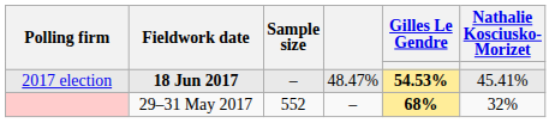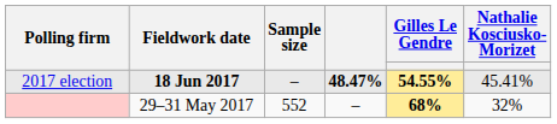 <table class="wikitable sortable" style="text-align:center;font-size:90%;line-height:14px;">
 <tr style="height:40px;">
 <th style="width:100px;" rowspan="2">Polling firm</th>
 <th style="width:110px;" rowspan="2">Fieldwork date</th>
 <th style="width:35px;" rowspan="2">Sample<br>size</th>
 <th style="width:30px;" rowspan="2"></th>
 <th class="unsortable" style="width:60px;"><a href='#'>Gilles Le Gendre</a><br></th>
 <th class="unsortable" style="width:60px;"><a href='#'>Nathalie Kosciusko-Morizet</a><br></th>
 </tr>
 <tr>
 <th style="background:"></th>
 <th style="background:"></th>
 </tr>
 <tr style="background:#E9E9E9;">
 <td><a href='#'>2017 election</a></td>
 <td data-sort-value="2017-06-18"><strong>18 Jun 2017</strong></td>
 <td>–</td>
-<td>48.47%</td>
-<td style="background:#FFED99;"><strong>54.53%</strong></td>
+<td><strong>48.47%</strong></td>
+<td style="background:#FFED99;"><strong>54.55%</strong></td>
 <td>45.41%</td>
 </tr>
 <tr>
 <td style="background:#FFCCCC;"></td>
 <td data-sort-value="2017-05-31">29–31 May 2017</td>
 <td>552</td>
 <td>–</td>
 <td style="background:#FFED99;"><strong>68%</strong></td>
 <td>32%</td>
 </tr>
 </table>
